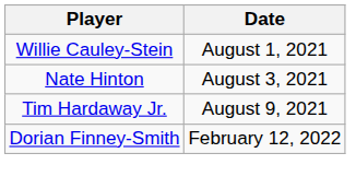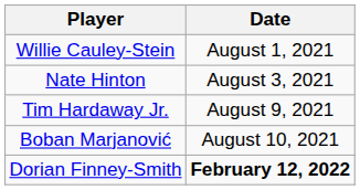 <table class="wikitable sortable sortable">
 <tr>
 <th>Player</th>
 <th>Date</th>
 </tr>
 <tr style="text-align: center">
 <td><a href='#'>Willie Cauley-Stein</a></td>
 <td>August 1, 2021</td>
 </tr>
 <tr style="text-align: center">
 <td><a href='#'>Nate Hinton</a></td>
 <td>August 3, 2021</td>
 </tr>
 <tr style="text-align: center">
 <td><a href='#'>Tim Hardaway Jr.</a></td>
 <td>August 9, 2021</td>
 </tr>
 <tr style="text-align: center">
+<td><a href='#'>Boban Marjanović</a></td>
+<td>August 10, 2021</td>
+</tr>
+<tr style="text-align: center">
 <td><a href='#'>Dorian Finney-Smith</a></td>
-<td>February 12, 2022</td>
+<td><strong>February 12, 2022</strong></td>
 </tr>
 </table>
